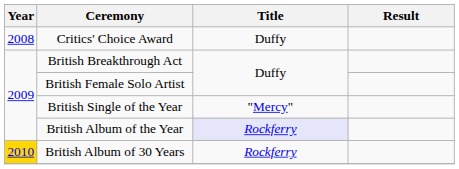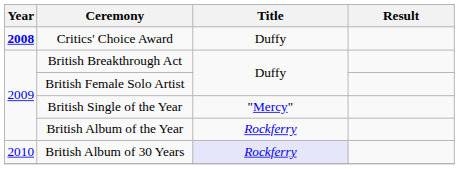 <table class="wikitable" style="text-align:center; font-size:100%; line-height:20px;">
 <tr>
 <th>Year</th>
 <th width="180px">Ceremony</th>
 <th width="180px">Title</th>
 <th width="120px">Result</th>
 </tr>
 <tr>
-<td rowspan="1"><a href='#'>2008</a></td>
+<td rowspan="1"><strong><a href='#'>2008</a></strong></td>
 <td>Critics' Choice Award</td>
 <td>Duffy</td>
 <td></td>
 </tr>
 <tr>
 <td rowspan="4"><a href='#'>2009</a></td>
 <td>British Breakthrough Act</td>
 <td rowspan="2">Duffy</td>
 <td></td>
 </tr>
 <tr>
 <td>British Female Solo Artist</td>
 <td></td>
 </tr>
 <tr>
 <td>British Single of the Year</td>
 <td>"<a href='#'>Mercy</a>"</td>
 <td></td>
 </tr>
 <tr>
 <td>British Album of the Year</td>
-<td style="background: lavender;"><em><a href='#'>Rockferry</a></em></td>
+<td><em><a href='#'>Rockferry</a></em></td>
 <td></td>
 </tr>
 <tr>
-<td rowspan="1" style="background: gold;"><a href='#'>2010</a></td>
+<td rowspan="1"><a href='#'>2010</a></td>
 <td>British Album of 30 Years</td>
-<td><em><a href='#'>Rockferry</a></em></td>
+<td style="background: lavender;"><em><a href='#'>Rockferry</a></em></td>
 <td></td>
 </tr>
 <tr>
 </tr>
 </table>
